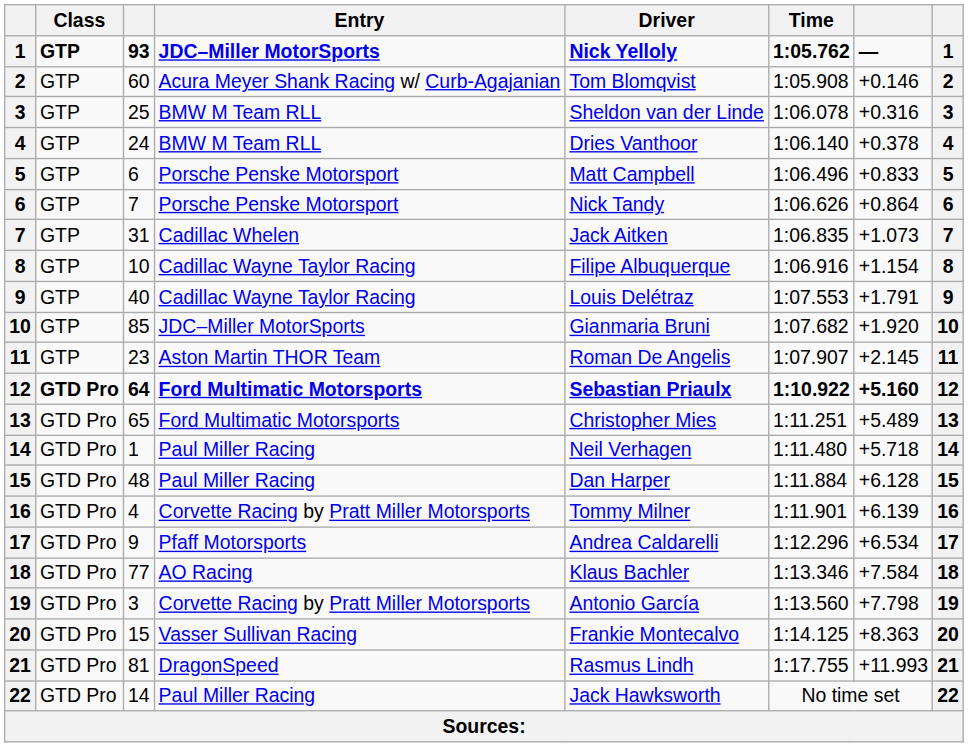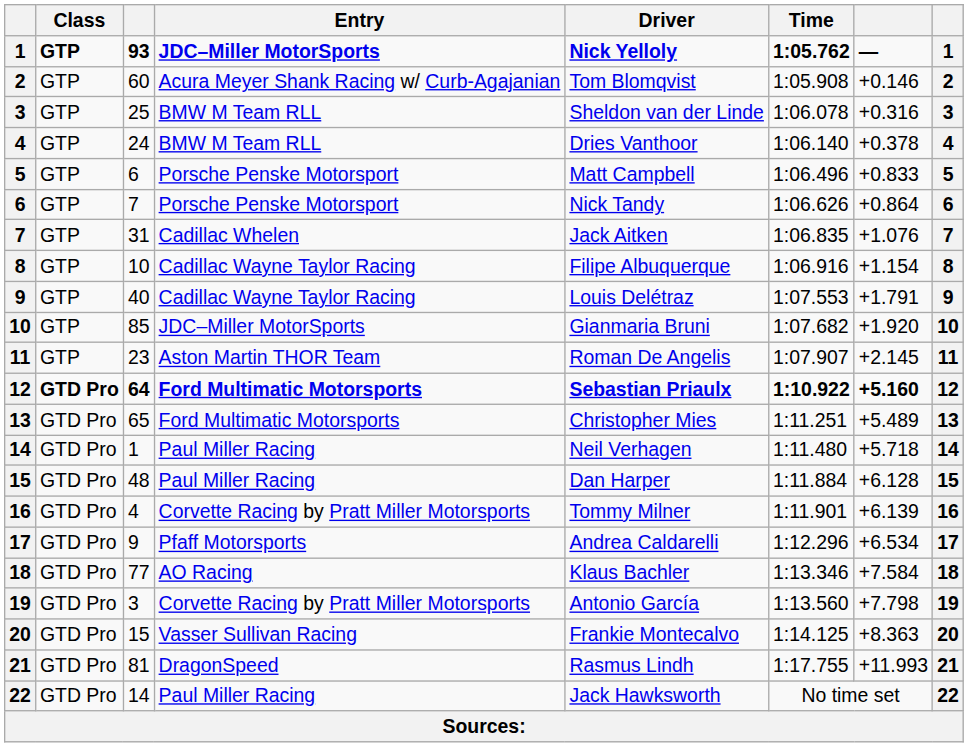 <table class="wikitable sortable" style="font-size:90%;">
 <tr>
 <th></th>
 <th class="unsortable">Class</th>
 <th class="unsortable"></th>
 <th class="unsortable">Entry</th>
 <th class="unsortable">Driver</th>
 <th class="unsortable">Time</th>
 <th class="unsortable"></th>
 <th></th>
 </tr>
 <tr style="font-weight:bold;">
 <th>1</th>
 <td>GTP</td>
 <td>93</td>
 <td> <a href='#'>JDC–Miller MotorSports</a></td>
 <td> <a href='#'>Nick Yelloly</a></td>
 <td>1:05.762</td>
 <td>—</td>
 <th>1</th>
 </tr>
 <tr>
 <th>2</th>
 <td>GTP</td>
 <td>60</td>
 <td> <a href='#'>Acura Meyer Shank Racing</a> w/ <a href='#'>Curb-Agajanian</a></td>
 <td> <a href='#'>Tom Blomqvist</a></td>
 <td>1:05.908</td>
 <td>+0.146</td>
 <th>2</th>
 </tr>
 <tr>
 <th>3</th>
 <td>GTP</td>
 <td>25</td>
 <td> <a href='#'>BMW M Team RLL</a></td>
 <td> <a href='#'>Sheldon van der Linde</a></td>
 <td>1:06.078</td>
 <td>+0.316</td>
 <th>3</th>
 </tr>
 <tr>
 <th>4</th>
 <td>GTP</td>
 <td>24</td>
 <td> <a href='#'>BMW M Team RLL</a></td>
 <td> <a href='#'>Dries Vanthoor</a></td>
 <td>1:06.140</td>
 <td>+0.378</td>
 <th>4</th>
 </tr>
 <tr>
 <th>5</th>
 <td>GTP</td>
 <td>6</td>
 <td> <a href='#'>Porsche Penske Motorsport</a></td>
 <td> <a href='#'>Matt Campbell</a></td>
 <td>1:06.496</td>
 <td>+0.833</td>
 <th>5</th>
 </tr>
 <tr>
 <th>6</th>
 <td>GTP</td>
 <td>7</td>
 <td> <a href='#'>Porsche Penske Motorsport</a></td>
 <td> <a href='#'>Nick Tandy</a></td>
 <td>1:06.626</td>
 <td>+0.864</td>
 <th>6</th>
 </tr>
 <tr>
 <th>7</th>
 <td>GTP</td>
 <td>31</td>
 <td> <a href='#'>Cadillac Whelen</a></td>
 <td> <a href='#'>Jack Aitken</a></td>
 <td>1:06.835</td>
-<td>+1.073</td>
+<td>+1.076</td>
 <th>7</th>
 </tr>
 <tr>
 <th>8</th>
 <td>GTP</td>
 <td>10</td>
 <td> <a href='#'>Cadillac Wayne Taylor Racing</a></td>
 <td> <a href='#'>Filipe Albuquerque</a></td>
 <td>1:06.916</td>
 <td>+1.154</td>
 <th>8</th>
 </tr>
 <tr>
 <th>9</th>
 <td>GTP</td>
 <td>40</td>
 <td> <a href='#'>Cadillac Wayne Taylor Racing</a></td>
 <td> <a href='#'>Louis Delétraz</a></td>
 <td>1:07.553</td>
 <td>+1.791</td>
 <th>9</th>
 </tr>
 <tr>
 <th>10</th>
 <td>GTP</td>
 <td>85</td>
 <td> <a href='#'>JDC–Miller MotorSports</a></td>
 <td> <a href='#'>Gianmaria Bruni</a></td>
 <td>1:07.682</td>
 <td>+1.920</td>
 <th>10</th>
 </tr>
 <tr>
 <th>11</th>
 <td>GTP</td>
 <td>23</td>
 <td> <a href='#'>Aston Martin THOR Team</a></td>
 <td> <a href='#'>Roman De Angelis</a></td>
 <td>1:07.907</td>
 <td>+2.145</td>
 <th>11</th>
 </tr>
 <tr style="font-weight:bold;">
 <th>12</th>
 <td>GTD Pro</td>
 <td>64</td>
 <td> <a href='#'>Ford Multimatic Motorsports</a></td>
 <td> <a href='#'>Sebastian Priaulx</a></td>
 <td>1:10.922</td>
 <td>+5.160</td>
 <th>12</th>
 </tr>
 <tr>
 <th>13</th>
 <td>GTD Pro</td>
 <td>65</td>
 <td> <a href='#'>Ford Multimatic Motorsports</a></td>
 <td> <a href='#'>Christopher Mies</a></td>
 <td>1:11.251</td>
 <td>+5.489</td>
 <th>13</th>
 </tr>
 <tr>
 <th>14</th>
 <td>GTD Pro</td>
 <td>1</td>
 <td> <a href='#'>Paul Miller Racing</a></td>
 <td> <a href='#'>Neil Verhagen</a></td>
 <td>1:11.480</td>
 <td>+5.718</td>
 <th>14</th>
 </tr>
 <tr>
 <th>15</th>
 <td>GTD Pro</td>
 <td>48</td>
 <td> <a href='#'>Paul Miller Racing</a></td>
 <td> <a href='#'>Dan Harper</a></td>
 <td>1:11.884</td>
 <td>+6.128</td>
 <th>15</th>
 </tr>
 <tr>
 <th>16</th>
 <td>GTD Pro</td>
 <td>4</td>
 <td> <a href='#'>Corvette Racing</a> by <a href='#'>Pratt Miller Motorsports</a></td>
 <td> <a href='#'>Tommy Milner</a></td>
 <td>1:11.901</td>
 <td>+6.139</td>
 <th>16</th>
 </tr>
 <tr>
 <th>17</th>
 <td>GTD Pro</td>
 <td>9</td>
 <td> <a href='#'>Pfaff Motorsports</a></td>
 <td> <a href='#'>Andrea Caldarelli</a></td>
 <td>1:12.296</td>
 <td>+6.534</td>
 <th>17</th>
 </tr>
 <tr>
 <th>18</th>
 <td>GTD Pro</td>
 <td>77</td>
 <td> <a href='#'>AO Racing</a></td>
 <td> <a href='#'>Klaus Bachler</a></td>
 <td>1:13.346</td>
 <td>+7.584</td>
 <th>18</th>
 </tr>
 <tr>
 <th>19</th>
 <td>GTD Pro</td>
 <td>3</td>
 <td> <a href='#'>Corvette Racing</a> by <a href='#'>Pratt Miller Motorsports</a></td>
 <td> <a href='#'>Antonio García</a></td>
 <td>1:13.560</td>
 <td>+7.798</td>
 <th>19</th>
 </tr>
 <tr>
 <th>20</th>
 <td>GTD Pro</td>
 <td>15</td>
 <td> <a href='#'>Vasser Sullivan Racing</a></td>
 <td> <a href='#'>Frankie Montecalvo</a></td>
 <td>1:14.125</td>
 <td>+8.363</td>
 <th>20</th>
 </tr>
 <tr>
 <th>21</th>
 <td>GTD Pro</td>
 <td>81</td>
 <td> <a href='#'>DragonSpeed</a></td>
 <td> <a href='#'>Rasmus Lindh</a></td>
 <td>1:17.755</td>
 <td>+11.993</td>
 <th>21</th>
 </tr>
 <tr>
 <th>22</th>
 <td>GTD Pro</td>
 <td>14</td>
 <td> <a href='#'>Paul Miller Racing</a></td>
 <td> <a href='#'>Jack Hawksworth</a></td>
 <td colspan=2 align=center>No time set</td>
 <th>22</th>
 </tr>
 <tr>
 <th colspan=8>Sources:</th>
 </tr>
 </table>
